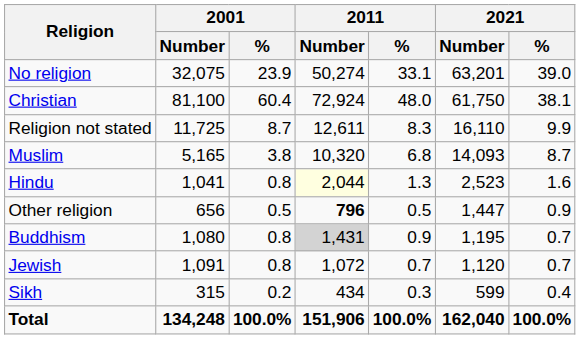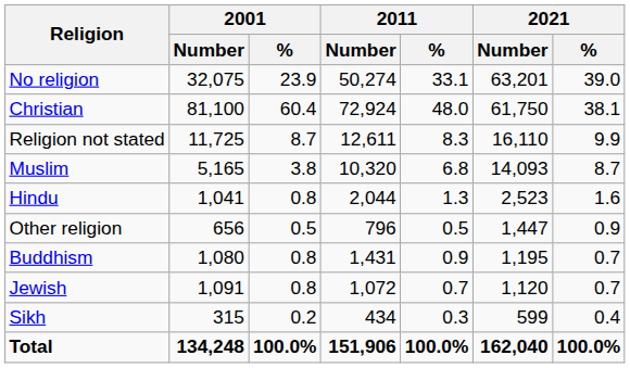 <table class="wikitable sortable" style="text-align:right">
 <tr>
 <th rowspan="2">Religion</th>
 <th colspan="2">2001</th>
 <th colspan="2">2011</th>
 <th colspan="2">2021</th>
 </tr>
 <tr>
 <th>Number</th>
 <th>%</th>
 <th>Number</th>
 <th>%</th>
 <th>Number</th>
 <th>%</th>
 </tr>
 <tr>
 <td style="text-align:left"><a href='#'>No religion</a></td>
 <td>32,075</td>
 <td>23.9</td>
 <td>50,274</td>
 <td>33.1</td>
 <td>63,201</td>
 <td>39.0</td>
 </tr>
 <tr>
 <td style="text-align:left"><a href='#'>Christian</a></td>
 <td>81,100</td>
 <td>60.4</td>
 <td>72,924</td>
 <td>48.0</td>
 <td>61,750</td>
 <td>38.1</td>
 </tr>
 <tr>
 <td style="text-align:left">Religion not stated</td>
 <td>11,725</td>
 <td>8.7</td>
 <td>12,611</td>
 <td>8.3</td>
 <td>16,110</td>
 <td>9.9</td>
 </tr>
 <tr>
 <td style="text-align:left"><a href='#'>Muslim</a></td>
 <td>5,165</td>
 <td>3.8</td>
 <td>10,320</td>
 <td>6.8</td>
 <td>14,093</td>
 <td>8.7</td>
 </tr>
 <tr>
 <td style="text-align:left"><a href='#'>Hindu</a></td>
 <td>1,041</td>
 <td>0.8</td>
-<td style="background: lightyellow;">2,044</td>
+<td>2,044</td>
 <td>1.3</td>
 <td>2,523</td>
 <td>1.6</td>
 </tr>
 <tr>
 <td style="text-align:left">Other religion</td>
 <td>656</td>
 <td>0.5</td>
-<td><strong>796</strong></td>
+<td>796</td>
 <td>0.5</td>
 <td>1,447</td>
 <td>0.9</td>
 </tr>
 <tr>
 <td style="text-align:left"><a href='#'>Buddhism</a></td>
 <td>1,080</td>
 <td>0.8</td>
-<td style="background: lightgrey;">1,431</td>
+<td>1,431</td>
 <td>0.9</td>
 <td>1,195</td>
 <td>0.7</td>
 </tr>
 <tr>
 <td style="text-align:left"><a href='#'>Jewish</a></td>
 <td>1,091</td>
 <td>0.8</td>
 <td>1,072</td>
 <td>0.7</td>
 <td>1,120</td>
 <td>0.7</td>
 </tr>
 <tr>
 <td style="text-align:left"><a href='#'>Sikh</a></td>
 <td>315</td>
 <td>0.2</td>
 <td>434</td>
 <td>0.3</td>
 <td>599</td>
 <td>0.4</td>
 </tr>
 <tr style="font-weight:bold;">
 <td style="text-align:left">Total</td>
 <td>134,248</td>
 <td>100.0%</td>
 <td>151,906</td>
 <td>100.0%</td>
 <td>162,040</td>
 <td>100.0%</td>
 </tr>
 </table>
